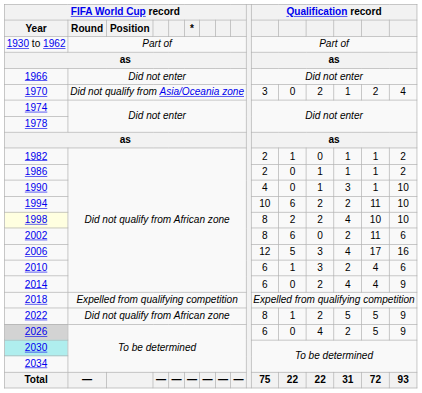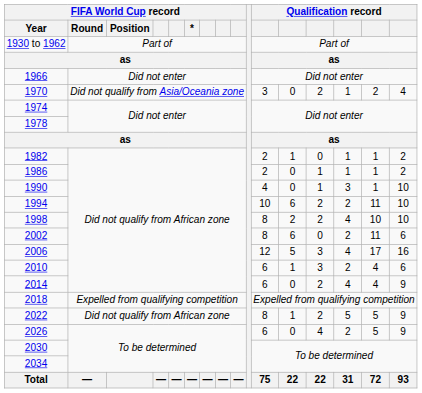 <table class="wikitable" style="text-align: center;">
 <tr>
 <th colspan=9><a href='#'>FIFA World Cup</a> record</th>
 <th rowspan="39"></th>
 <th colspan=6><a href='#'>Qualification</a> record</th>
 </tr>
 <tr>
 <th>Year</th>
 <th>Round</th>
 <th>Position</th>
 <th></th>
 <th></th>
 <th>*</th>
 <th></th>
 <th></th>
 <th></th>
 <th></th>
 <th></th>
 <th></th>
 <th></th>
 <th></th>
 <th></th>
 </tr>
 <tr>
 <td><a href='#'>1930</a> to <a href='#'>1962</a></td>
 <td colspan=8><em>Part of </em></td>
 <td colspan=6><em>Part of </em></td>
 </tr>
 <tr>
 <th colspan=9>as <strong></strong></th>
 <th colspan=6>as <strong></strong></th>
 </tr>
 <tr>
 <td> <a href='#'>1966</a></td>
 <td colspan=8><em>Did not enter</em></td>
 <td colspan=6><em>Did not enter</em></td>
 </tr>
 <tr>
 <td> <a href='#'>1970</a></td>
 <td colspan=8 rowspan=1><em>Did not qualify from <a href='#'>Asia/Oceania zone</a></em></td>
 <td>3</td>
 <td>0</td>
 <td>2</td>
 <td>1</td>
 <td>2</td>
 <td>4</td>
 </tr>
 <tr>
 <td> <a href='#'>1974</a></td>
 <td colspan="8" rowspan=2><em>Did not enter</em></td>
 <td colspan="6" rowspan=2><em>Did not enter</em></td>
 </tr>
 <tr>
 <td> <a href='#'>1978</a></td>
 </tr>
 <tr>
 <th colspan=9>as <strong></strong></th>
 <th colspan=6>as <strong></strong></th>
 </tr>
 <tr>
 <td> <a href='#'>1982</a></td>
 <td colspan=8 rowspan=9><em>Did not qualify from African zone</em></td>
 <td>2</td>
 <td>1</td>
 <td>0</td>
 <td>1</td>
 <td>1</td>
 <td>2</td>
 </tr>
 <tr>
 <td> <a href='#'>1986</a></td>
 <td>2</td>
 <td>0</td>
 <td>1</td>
 <td>1</td>
 <td>1</td>
 <td>2</td>
 </tr>
 <tr>
 <td> <a href='#'>1990</a></td>
 <td>4</td>
 <td>0</td>
 <td>1</td>
 <td>3</td>
 <td>1</td>
 <td>10</td>
 </tr>
 <tr>
 <td> <a href='#'>1994</a></td>
 <td>10</td>
 <td>6</td>
 <td>2</td>
 <td>2</td>
 <td>11</td>
 <td>10</td>
 </tr>
 <tr>
-<td style="background: lightyellow;"> <a href='#'>1998</a></td>
+<td> <a href='#'>1998</a></td>
 <td>8</td>
 <td>2</td>
 <td>2</td>
 <td>4</td>
 <td>10</td>
 <td>10</td>
 </tr>
 <tr>
 <td>  <a href='#'>2002</a></td>
 <td>8</td>
 <td>6</td>
 <td>0</td>
 <td>2</td>
 <td>11</td>
 <td>6</td>
 </tr>
 <tr>
 <td> <a href='#'>2006</a></td>
 <td>12</td>
 <td>5</td>
 <td>3</td>
 <td>4</td>
 <td>17</td>
 <td>16</td>
 </tr>
 <tr>
 <td> <a href='#'>2010</a></td>
 <td>6</td>
 <td>1</td>
 <td>3</td>
 <td>2</td>
 <td>4</td>
 <td>6</td>
 </tr>
 <tr>
 <td> <a href='#'>2014</a></td>
 <td>6</td>
 <td>0</td>
 <td>2</td>
 <td>4</td>
 <td>4</td>
 <td>9</td>
 </tr>
 <tr>
 <td> <a href='#'>2018</a></td>
 <td colspan=8><em>Expelled from qualifying competition</em></td>
 <td colspan=8 rowspan=1><em>Expelled from qualifying competition</em></td>
 </tr>
 <tr>
 <td> <a href='#'>2022</a></td>
 <td colspan=8><em>Did not qualify from African zone</em></td>
 <td>8</td>
 <td>1</td>
 <td>2</td>
 <td>5</td>
 <td>5</td>
 <td>9</td>
 </tr>
 <tr>
-<td style="background: lightgrey;">   <a href='#'>2026</a></td>
+<td>   <a href='#'>2026</a></td>
 <td colspan=8 rowspan=3><em>To be determined</em></td>
 <td>6</td>
 <td>0</td>
 <td>4</td>
 <td>2</td>
 <td>5</td>
 <td>9</td>
 </tr>
 <tr>
-<td style="background: paleturquoise;">   <a href='#'>2030</a></td>
+<td>   <a href='#'>2030</a></td>
 <td colspan=6 rowspan=2><em>To be determined</em></td>
 </tr>
 <tr>
 <td> <a href='#'>2034</a></td>
 </tr>
 <tr>
 <th>Total</th>
 <th>—</th>
 <th></th>
 <th>—</th>
 <th>—</th>
 <th>—</th>
 <th>—</th>
 <th>—</th>
 <th>—</th>
 <th>75</th>
 <th>22</th>
 <th>22</th>
 <th>31</th>
 <th>72</th>
 <th>93</th>
 </tr>
 </table>
